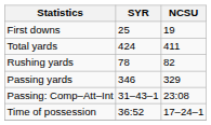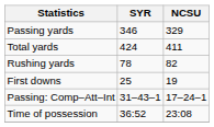 <table class="wikitable" style="float: left;">
 <tr>
 <th>Statistics</th>
 <th>SYR</th>
 <th>NCSU</th>
 </tr>
 <tr>
-<td>First downs</td>
-<td>25</td>
-<td>19</td>
+<td>Passing yards</td>
+<td>346</td>
+<td>329</td>
 </tr>
 <tr>
 <td>Total yards</td>
 <td>424</td>
 <td>411</td>
 </tr>
 <tr>
 <td>Rushing yards</td>
 <td>78</td>
 <td>82</td>
 </tr>
 <tr>
-<td>Passing yards</td>
-<td>346</td>
-<td>329</td>
+<td>First downs</td>
+<td>25</td>
+<td>19</td>
 </tr>
 <tr>
 <td>Passing: Comp–Att–Int</td>
 <td>31–43–1</td>
-<td>23:08</td>
+<td>17–24–1</td>
 </tr>
 <tr>
 <td>Time of possession</td>
 <td>36:52</td>
-<td>17–24–1</td>
+<td>23:08</td>
 </tr>
 <tr>
 </tr>
 </table>
